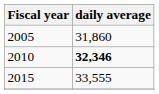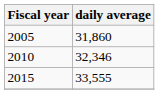 <table class="wikitable">
 <tr>
 <th>Fiscal year</th>
 <th>daily average</th>
 </tr>
 <tr>
 <td>2005</td>
 <td>31,860</td>
 </tr>
 <tr>
 <td>2010</td>
-<td><strong>32,346</strong></td>
+<td>32,346</td>
 </tr>
 <tr>
 <td>2015</td>
 <td>33,555</td>
 </tr>
 <tr>
 </tr>
 </table>
